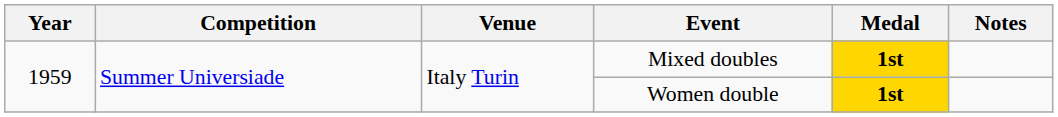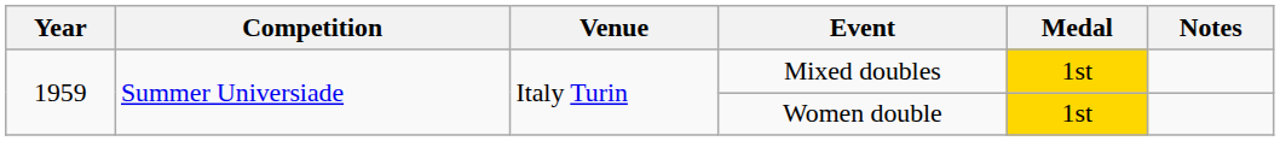 <table class="wikitable" width=55% style="font-size:90%; text-align:center;">
 <tr>
 <th>Year</th>
 <th>Competition</th>
 <th>Venue</th>
 <th>Event</th>
 <th>Medal</th>
 <th>Notes</th>
 </tr>
 <tr>
 <td align=center rowspan=2>1959</td>
 <td rowspan=2 align=left><a href='#'>Summer Universiade</a></td>
 <td rowspan=2 align=left>Italy <a href='#'>Turin</a></td>
 <td>Mixed doubles</td>
-<td bgcolor=gold><strong>1st</strong></td>
+<td bgcolor=gold>1st</td>
 <td align=center></td>
 </tr>
 <tr>
 <td>Women double</td>
-<td bgcolor=gold><strong>1st</strong></td>
+<td bgcolor=gold>1st</td>
 <td align=center></td>
 </tr>
 </table>
